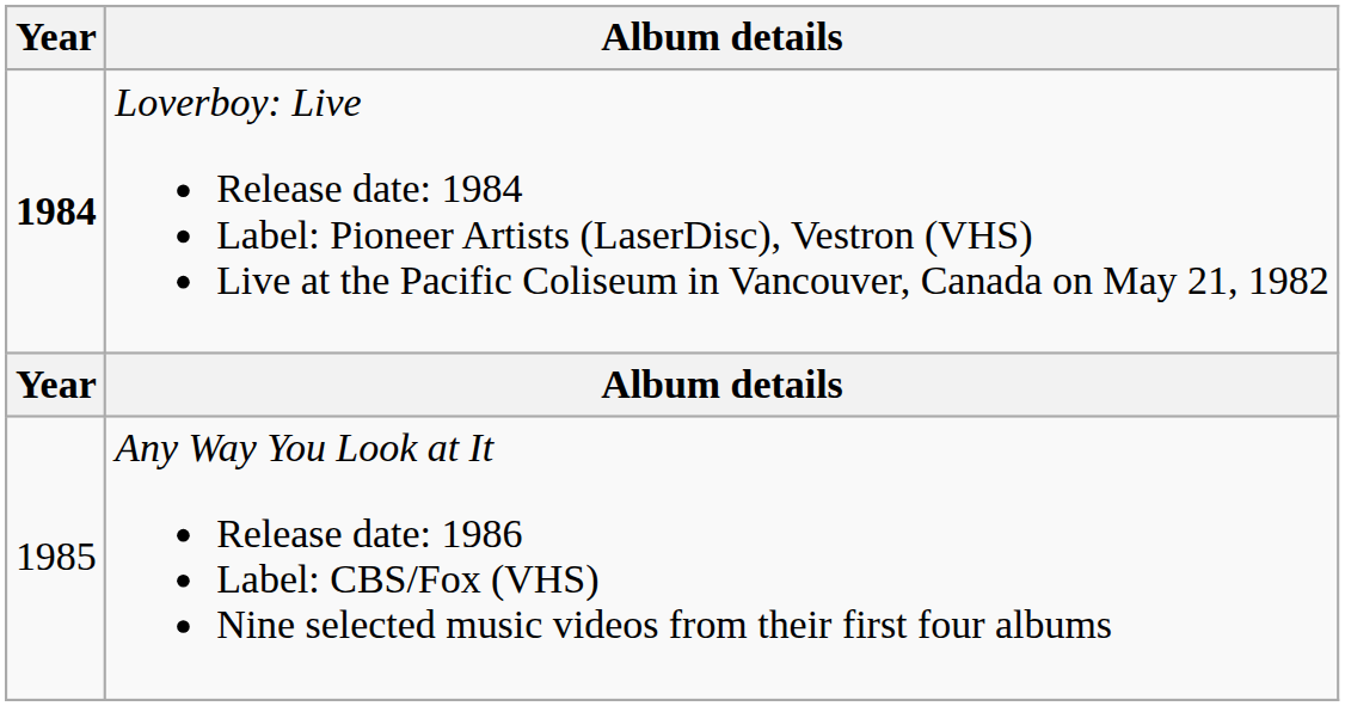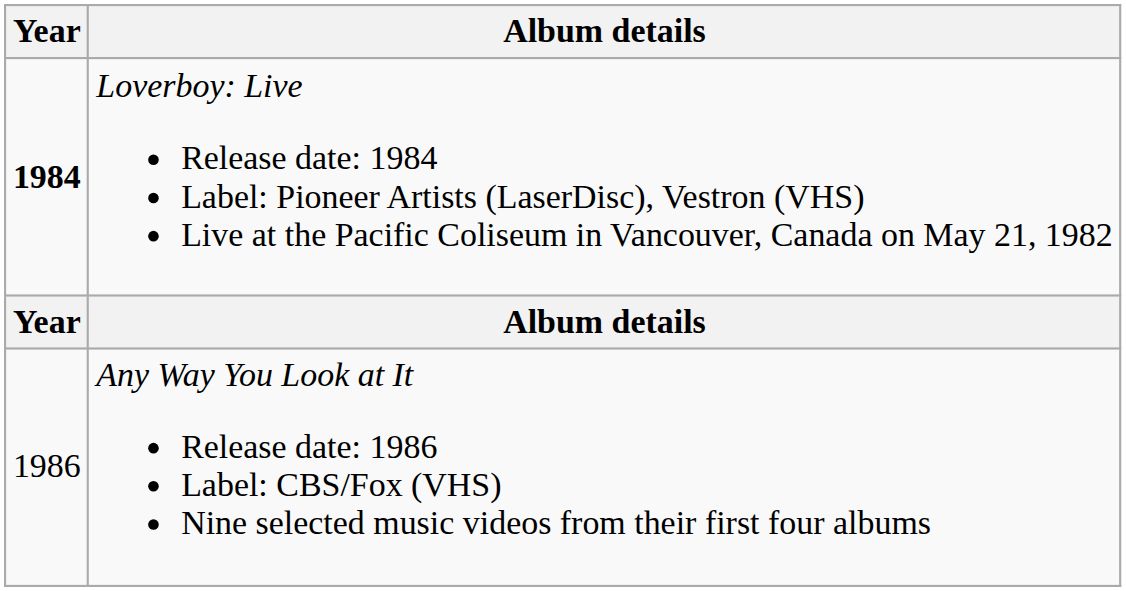 <table class="wikitable" style="text-align:center;">
 <tr>
 <th>Year</th>
 <th>Album details</th>
 </tr>
 <tr>
 <td><strong>1984</strong></td>
 <td style="text-align:left;"><em>Loverboy: Live</em><br><ul><li>Release date: 1984</li><li>Label: Pioneer Artists (LaserDisc), Vestron (VHS)</li><li>Live at the Pacific Coliseum in Vancouver, Canada on May 21, 1982</li></ul></td>
 </tr>
 <tr>
 <th>Year</th>
 <th>Album details</th>
 </tr>
 <tr>
-<td>1985</td>
+<td>1986</td>
 <td style="text-align:left;"><em>Any Way You Look at It</em><br><ul><li>Release date: 1986</li><li>Label: CBS/Fox (VHS)</li><li>Nine selected music videos from their first four albums</li></ul></td>
 </tr>
 </table>
